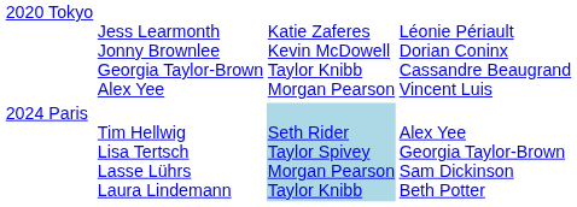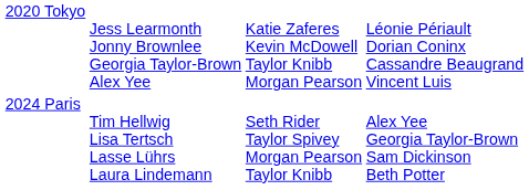 <table>
 <tr valign="top">
 <td><a href='#'>2020 Tokyo</a><br></td>
 <td><br><a href='#'>Jess Learmonth</a><br><a href='#'>Jonny Brownlee</a><br><a href='#'>Georgia Taylor-Brown</a><br><a href='#'>Alex Yee</a></td>
 <td><br><a href='#'>Katie Zaferes</a><br><a href='#'>Kevin McDowell</a><br><a href='#'>Taylor Knibb</a><br><a href='#'>Morgan Pearson</a></td>
 <td><br><a href='#'>Léonie Périault</a><br><a href='#'>Dorian Coninx</a><br><a href='#'>Cassandre Beaugrand</a><br><a href='#'>Vincent Luis</a></td>
 </tr>
 <tr valign="top">
 <td><a href='#'>2024 Paris</a><br></td>
 <td><br><a href='#'>Tim Hellwig</a><br><a href='#'>Lisa Tertsch</a><br><a href='#'>Lasse Lührs</a><br><a href='#'>Laura Lindemann</a></td>
-<td style="background: lightblue;"><br><a href='#'>Seth Rider</a><br><a href='#'>Taylor Spivey</a><br><a href='#'>Morgan Pearson</a><br><a href='#'>Taylor Knibb</a></td>
+<td><br><a href='#'>Seth Rider</a><br><a href='#'>Taylor Spivey</a><br><a href='#'>Morgan Pearson</a><br><a href='#'>Taylor Knibb</a></td>
 <td><br><a href='#'>Alex Yee</a><br><a href='#'>Georgia Taylor-Brown</a><br><a href='#'>Sam Dickinson</a><br><a href='#'>Beth Potter</a></td>
 </tr>
 </table>
